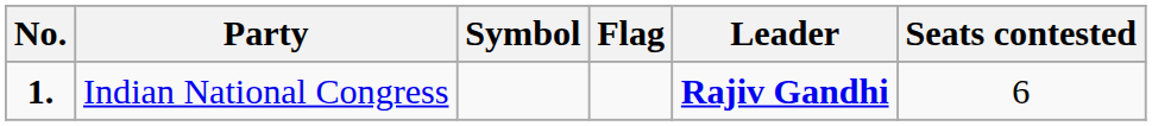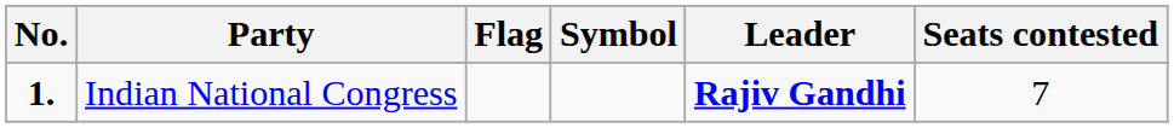 <table class="wikitable">
 <tr>
 <th>No.</th>
 <th>Party</th>
+<th><strong>Flag</strong></th>
 <th>Symbol</th>
-<th><strong>Flag</strong></th>
 <th>Leader</th>
 <th>Seats contested</th>
 </tr>
 <tr>
 <td ! style="text-align:center; background:"><strong>1.</strong></td>
 <td style="text-align:center"><a href='#'>Indian National Congress</a></td>
 <td></td>
 <td></td>
 <td style="text-align:center"><strong><a href='#'>Rajiv Gandhi</a></strong></td>
-<td style="text-align:center">6</td>
+<td style="text-align:center">7</td>
 </tr>
 </table>
